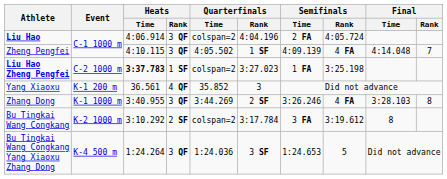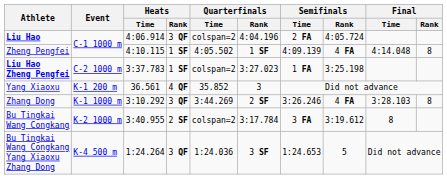 <table class=wikitable style="font-size:90%">
 <tr>
 <th rowspan="2">Athlete</th>
 <th rowspan="2">Event</th>
 <th colspan=2>Heats</th>
 <th colspan=2>Quarterfinals</th>
 <th colspan=2>Semifinals</th>
 <th colspan=2>Final</th>
 </tr>
 <tr style="font-size:95%">
 <th>Time</th>
 <th>Rank</th>
 <th>Time</th>
 <th>Rank</th>
 <th>Time</th>
 <th>Rank</th>
 <th>Time</th>
 <th>Rank</th>
 </tr>
 <tr align=center>
 <td align=left><strong><a href='#'>Liu Hao</a></strong></td>
 <td align=left rowspan=2><a href='#'>C-1 1000 m</a></td>
 <td>4:06.914</td>
 <td>3 <strong>QF</strong></td>
 <td>colspan=2 </td>
 <td>4:04.196</td>
 <td>2 <strong>FA</strong></td>
 <td>4:05.724</td>
 <td></td>
 </tr>
 <tr align=center>
 <td align=left><a href='#'>Zheng Pengfei</a></td>
 <td>4:10.115</td>
-<td>3 <strong>QF</strong></td>
+<td>1 <strong>SF</strong></td>
 <td>4:05.502</td>
 <td>1 <strong>SF</strong></td>
 <td>4:09.139</td>
 <td>4 <strong>FA</strong></td>
 <td>4:14.048</td>
-<td>7</td>
+<td>8</td>
 </tr>
 <tr align=center>
 <td align=left><strong><a href='#'>Liu Hao</a><br><a href='#'>Zheng Pengfei</a></strong></td>
 <td align=left><a href='#'>C-2 1000 m</a></td>
-<td><strong>3:37.783</strong></td>
+<td>3:37.783</td>
 <td>1 <strong>SF</strong></td>
 <td>colspan=2 </td>
 <td>3:27.023</td>
 <td>1 <strong>FA</strong></td>
 <td>3:25.198</td>
 <td></td>
 </tr>
 <tr align=center>
 <td align=left><a href='#'>Yang Xiaoxu</a></td>
 <td align=left><a href='#'>K-1 200 m</a></td>
 <td>36.561</td>
 <td>4 <strong>QF</strong></td>
 <td>35.852</td>
 <td>3</td>
 <td colspan=4>Did not advance</td>
 </tr>
 <tr align=center>
 <td align=left><a href='#'>Zhang Dong</a></td>
 <td align=left><a href='#'>K-1 1000 m</a></td>
-<td>3:40.955</td>
+<td>3:10.292</td>
 <td>3 <strong>QF</strong></td>
 <td>3:44.269</td>
 <td>2 <strong>SF</strong></td>
 <td>3:26.246</td>
 <td>4 <strong>FA</strong></td>
 <td>3:28.103</td>
 <td>8</td>
 </tr>
 <tr align=center>
 <td align=left><a href='#'>Bu Tingkai</a><br><a href='#'>Wang Congkang</a></td>
 <td align=left><a href='#'>K-2 1000 m</a></td>
-<td>3:10.292</td>
+<td>3:40.955</td>
 <td>2 <strong>SF</strong></td>
 <td>colspan=2 </td>
 <td>3:17.784</td>
 <td>3 <strong>FA</strong></td>
 <td>3:19.612</td>
 <td>8</td>
 </tr>
 <tr align=center>
 <td align=left><a href='#'>Bu Tingkai</a><br><a href='#'>Wang Congkang</a><br><a href='#'>Yang Xiaoxu</a><br><a href='#'>Zhang Dong</a></td>
 <td align=left><a href='#'>K-4 500 m</a></td>
 <td>1:24.264</td>
 <td>3 <strong>QF</strong></td>
 <td>1:24.036</td>
 <td>3 <strong>SF</strong></td>
 <td>1:24.653</td>
 <td>5</td>
 <td colspan=2>Did not advance</td>
 </tr>
 </table>
